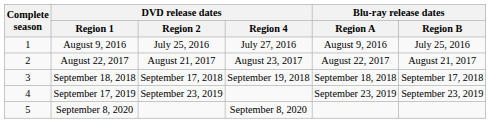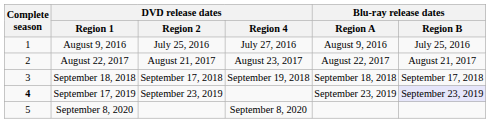 <table class="wikitable plainrowheaders" style="text-align:center;">
 <tr>
 <th scope="col" rowspan="2">Complete<br>season</th>
 <th scope="col" colspan="3">DVD release dates</th>
 <th scope="col" colspan="2">Blu-ray release dates</th>
 </tr>
 <tr>
 <th scope="col">Region 1</th>
 <th scope="col">Region 2</th>
 <th scope="col">Region 4</th>
 <th scope="col">Region A</th>
 <th scope="col">Region B</th>
 </tr>
 <tr>
 <td scope="row">1</td>
 <td>August 9, 2016</td>
 <td>July 25, 2016</td>
 <td>July 27, 2016</td>
 <td>August 9, 2016</td>
 <td>July 25, 2016</td>
 </tr>
 <tr>
 <td scope="row">2</td>
 <td>August 22, 2017</td>
 <td>August 21, 2017</td>
 <td>August 23, 2017</td>
 <td>August 22, 2017</td>
 <td>August 21, 2017</td>
 </tr>
 <tr>
 <td scope="row">3</td>
 <td>September 18, 2018</td>
 <td>September 17, 2018</td>
 <td>September 19, 2018</td>
 <td>September 18, 2018</td>
 <td>September 17, 2018</td>
 </tr>
 <tr>
-<td scope="row">4</td>
+<td scope="row"><strong>4</strong></td>
 <td>September 17, 2019</td>
 <td>September 23, 2019</td>
 <td></td>
 <td>September 23, 2019</td>
-<td>September 23, 2019</td>
+<td style="background: lavender;">September 23, 2019</td>
 </tr>
 <tr>
 <td scope="row">5</td>
 <td>September 8, 2020</td>
 <td></td>
 <td>September 8, 2020</td>
 <td></td>
 <td style="text-align:left"></td>
 </tr>
 </table>
